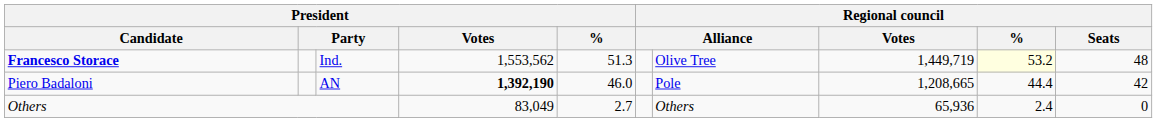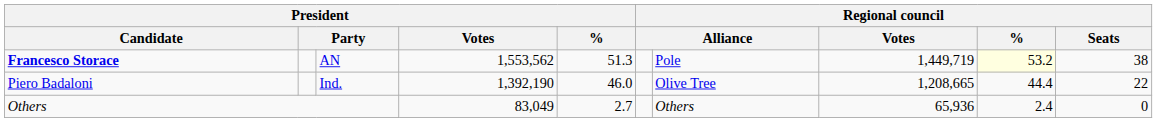 <table class="wikitable" style="text-align:right; style="width=65%">
 <tr>
 <th colspan="5">President</th>
 <th colspan="7">Regional council</th>
 </tr>
 <tr>
 <th>Candidate</th>
 <th colspan="2">Party</th>
 <th>Votes</th>
 <th>%</th>
 <th colspan="2">Alliance</th>
 <th>Votes</th>
 <th>%</th>
 <th>Seats</th>
 </tr>
 <tr>
 <td style="text-align:left"><strong><a href='#'>Francesco Storace</a></strong></td>
 <td></td>
-<td style="text-align:left"><a href='#'>Ind.</a></td>
+<td style="text-align:left"><a href='#'>AN</a></td>
 <td>1,553,562</td>
 <td>51.3</td>
 <td></td>
-<td style="text-align:left"><a href='#'>Olive Tree</a></td>
+<td style="text-align:left"><a href='#'>Pole</a></td>
 <td>1,449,719</td>
 <td style="background: lightyellow;">53.2</td>
-<td>48</td>
+<td>38</td>
 </tr>
 <tr>
 <td style="text-align:left"><a href='#'>Piero Badaloni</a></td>
 <td></td>
-<td style="text-align:left"><a href='#'>AN</a></td>
-<td><strong>1,392,190</strong></td>
+<td style="text-align:left"><a href='#'>Ind.</a></td>
+<td>1,392,190</td>
 <td>46.0</td>
 <td></td>
-<td style="text-align:left"><a href='#'>Pole</a></td>
+<td style="text-align:left"><a href='#'>Olive Tree</a></td>
 <td>1,208,665</td>
 <td>44.4</td>
-<td>42</td>
+<td>22</td>
 </tr>
 <tr>
 <td colspan="3" style="text-align:left"><em>Others</em></td>
 <td>83,049</td>
 <td>2.7</td>
 <td></td>
 <td style="text-align:left"><em>Others</em></td>
 <td>65,936</td>
 <td>2.4</td>
 <td>0</td>
 </tr>
 </table>
